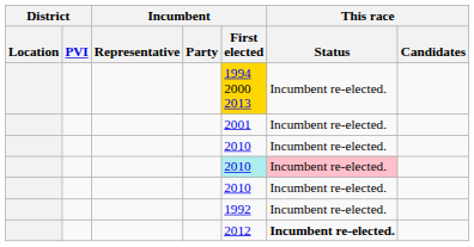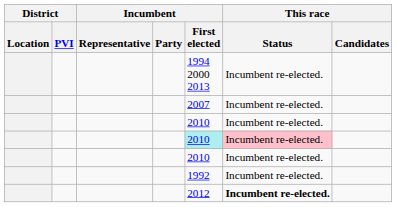 <table class="wikitable sortable">
 <tr valign=bottom>
 <th colspan=2>District</th>
 <th colspan=3>Incumbent</th>
 <th colspan=2>This race</th>
 </tr>
 <tr valign=bottom>
 <th>Location</th>
 <th><a href='#'>PVI</a></th>
 <th>Representative</th>
 <th>Party</th>
 <th>First<br>elected</th>
 <th>Status</th>
 <th>Candidates</th>
 </tr>
 <tr>
 <th></th>
 <td></td>
 <td></td>
 <td></td>
-<td style="background: gold;"><a href='#'>1994</a><br>2000 <br><a href='#'>2013 </a></td>
+<td><a href='#'>1994</a><br>2000 <br><a href='#'>2013 </a></td>
 <td>Incumbent re-elected.</td>
 <td nowrap></td>
 </tr>
 <tr>
 <th></th>
 <td></td>
 <td></td>
 <td></td>
-<td><a href='#'>2001 </a></td>
+<td><a href='#'>2007 </a></td>
 <td>Incumbent re-elected.</td>
 <td nowrap></td>
 </tr>
 <tr>
 <th></th>
 <td></td>
 <td></td>
 <td></td>
 <td><a href='#'>2010</a></td>
 <td>Incumbent re-elected.</td>
 <td nowrap></td>
 </tr>
 <tr>
 <th></th>
 <td></td>
 <td></td>
 <td></td>
 <td style="background: paleturquoise;"><a href='#'>2010</a></td>
 <td style="background: pink;">Incumbent re-elected.</td>
 <td nowrap></td>
 </tr>
 <tr>
 <th></th>
 <td></td>
 <td></td>
 <td></td>
 <td><a href='#'>2010</a></td>
 <td>Incumbent re-elected.</td>
 <td nowrap></td>
 </tr>
 <tr>
 <th></th>
 <td></td>
 <td></td>
 <td></td>
 <td><a href='#'>1992</a></td>
 <td>Incumbent re-elected.</td>
 <td nowrap></td>
 </tr>
 <tr>
 <th></th>
 <td></td>
 <td></td>
 <td></td>
 <td><a href='#'>2012</a></td>
 <td><strong>Incumbent re-elected.</strong></td>
 <td nowrap></td>
 </tr>
 </table>
